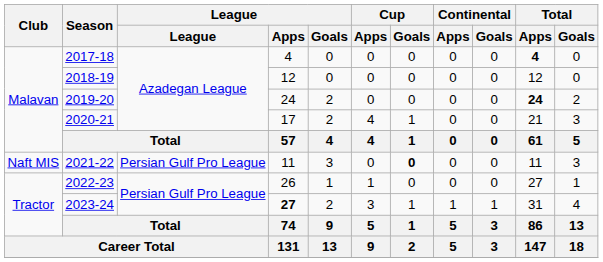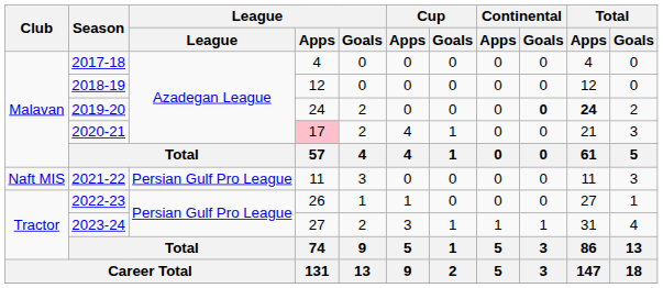 <table class="wikitable"style="text-align:center;">
 <tr>
 <th rowspan=2>Club</th>
 <th rowspan=2>Season</th>
 <th colspan=3>League</th>
 <th colspan=2>Cup</th>
 <th colspan=2>Continental</th>
 <th colspan=2>Total</th>
 </tr>
 <tr>
 <th>League</th>
 <th>Apps</th>
 <th>Goals</th>
 <th>Apps</th>
 <th>Goals</th>
 <th>Apps</th>
 <th>Goals</th>
 <th>Apps</th>
 <th>Goals</th>
 </tr>
 <tr>
 <td rowspan="5"><a href='#'>Malavan</a></td>
 <td><a href='#'>2017-18</a></td>
 <td rowspan="4"><a href='#'>Azadegan League</a></td>
 <td>4</td>
 <td>0</td>
 <td>0</td>
 <td>0</td>
 <td>0</td>
 <td>0</td>
-<td><strong>4</strong></td>
+<td>4</td>
 <td>0</td>
 </tr>
 <tr>
 <td><a href='#'>2018-19</a></td>
 <td>12</td>
 <td>0</td>
 <td>0</td>
 <td>0</td>
 <td>0</td>
 <td>0</td>
 <td>12</td>
 <td>0</td>
 </tr>
 <tr>
 <td><a href='#'>2019-20</a></td>
 <td>24</td>
 <td>2</td>
 <td>0</td>
 <td>0</td>
 <td>0</td>
-<td>0</td>
+<td><strong>0</strong></td>
 <td><strong>24</strong></td>
 <td>2</td>
 </tr>
 <tr>
 <td><a href='#'>2020-21</a></td>
-<td>17</td>
+<td style="background: pink;">17</td>
 <td>2</td>
 <td>4</td>
 <td>1</td>
 <td>0</td>
 <td>0</td>
 <td>21</td>
 <td>3</td>
 </tr>
 <tr>
 <th colspan=2>Total</th>
 <th>57</th>
 <th>4</th>
 <th>4</th>
 <th>1</th>
 <th>0</th>
 <th>0</th>
 <th>61</th>
 <th>5</th>
 </tr>
 <tr>
 <td><a href='#'>Naft MIS</a></td>
 <td><a href='#'>2021-22</a></td>
 <td><a href='#'>Persian Gulf Pro League</a></td>
 <td>11</td>
 <td>3</td>
 <td>0</td>
-<td><strong>0</strong></td>
+<td>0</td>
 <td>0</td>
 <td>0</td>
 <td>11</td>
 <td>3</td>
 </tr>
 <tr>
 <td rowspan="3"><a href='#'>Tractor</a></td>
 <td><a href='#'>2022-23</a></td>
 <td rowspan="2"><a href='#'>Persian Gulf Pro League</a></td>
 <td>26</td>
 <td>1</td>
 <td>1</td>
 <td>0</td>
 <td>0</td>
 <td>0</td>
 <td>27</td>
 <td>1</td>
 </tr>
 <tr>
 <td><a href='#'>2023-24</a></td>
-<td><strong>27</strong></td>
+<td>27</td>
 <td>2</td>
 <td>3</td>
 <td>1</td>
 <td>1</td>
 <td>1</td>
 <td>31</td>
 <td>4</td>
 </tr>
 <tr>
 <th colspan=2>Total</th>
 <th>74</th>
 <th>9</th>
 <th>5</th>
 <th>1</th>
 <th>5</th>
 <th>3</th>
 <th>86</th>
 <th>13</th>
 </tr>
 <tr>
 <th colspan=3>Career Total</th>
 <th>131</th>
 <th>13</th>
 <th>9</th>
 <th>2</th>
 <th>5</th>
 <th>3</th>
 <th>147</th>
 <th>18</th>
 </tr>
 <tr>
 </tr>
 </table>
